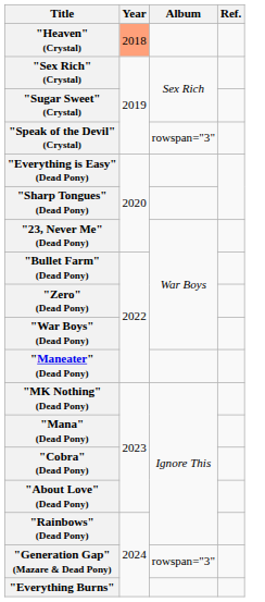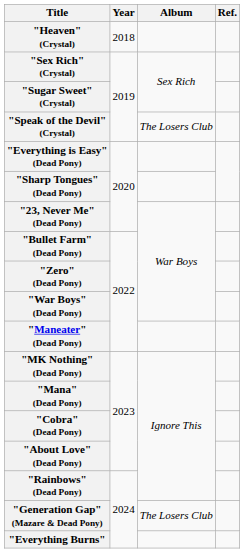 <table class="wikitable plainrowheaders" style="text-align:center;">
 <tr>
 <th scope="col">Title</th>
 <th scope="col">Year</th>
 <th scope="col">Album</th>
 <th>Ref.</th>
 </tr>
 <tr>
 <th scope="row">"Heaven"<br><small>(Crystal)</small></th>
-<td style="background: lightsalmon;">2018</td>
+<td>2018</td>
 <td></td>
 <td></td>
 </tr>
 <tr>
 <th scope="row">"Sex Rich"<br><small>(Crystal)</small></th>
 <td rowspan="3">2019</td>
 <td rowspan="2"><em>Sex Rich</em></td>
 <td></td>
 </tr>
 <tr>
 <th scope="row">"Sugar Sweet"<br><small>(Crystal)</small></th>
 <td></td>
 </tr>
 <tr>
 <th scope="row">"Speak of the Devil"<br><small>(Crystal)</small></th>
-<td>rowspan="3" </td>
+<td><em>The Losers Club</em></td>
 <td></td>
 </tr>
 <tr>
 <th scope="row">"Everything is Easy"<br><small>(Dead Pony)</small></th>
 <td rowspan="3">2020</td>
 <td></td>
 </tr>
 <tr>
 <th scope="row">"Sharp Tongues"<br><small>(Dead Pony)</small></th>
 <td></td>
 </tr>
 <tr>
 <th scope="row">"23, Never Me"<br><small>(Dead Pony)</small></th>
 <td rowspan="4"><em>War Boys</em></td>
 <td></td>
 </tr>
 <tr>
 <th scope="row">"Bullet Farm"<br><small>(Dead Pony)</small></th>
 <td rowspan="4">2022</td>
 <td></td>
 </tr>
 <tr>
 <th scope="row">"Zero"<br><small>(Dead Pony)</small></th>
 <td></td>
 </tr>
 <tr>
 <th scope="row">"War Boys"<br><small>(Dead Pony)</small></th>
 <td></td>
 </tr>
 <tr>
 <th scope="row">"<a href='#'>Maneater</a>"<br><small>(Dead Pony)</small></th>
 <td></td>
 <td></td>
 </tr>
 <tr>
 <th scope="row">"MK Nothing"<br><small>(Dead Pony)</small></th>
 <td rowspan="4">2023</td>
 <td rowspan="5"><em>Ignore This</em></td>
 <td></td>
 </tr>
 <tr>
 <th scope="row">"Mana"<br><small>(Dead Pony)</small></th>
 <td></td>
 </tr>
 <tr>
 <th scope="row">"Cobra"<br><small>(Dead Pony)</small></th>
 <td></td>
 </tr>
 <tr>
 <th scope="row">"About Love"<br><small>(Dead Pony)</small></th>
 <td></td>
 </tr>
 <tr>
 <th scope="row">"Rainbows"<br><small>(Dead Pony)</small></th>
 <td rowspan="3">2024</td>
 <td></td>
 </tr>
 <tr>
 <th scope="row">"Generation Gap"<br><small>(Mazare & Dead Pony)</small></th>
-<td>rowspan="3" </td>
+<td><em>The Losers Club</em></td>
 <td></td>
 </tr>
 <tr>
 <th scope="row">"Everything Burns"</th>
 <td></td>
 <td></td>
 </tr>
 </table>
